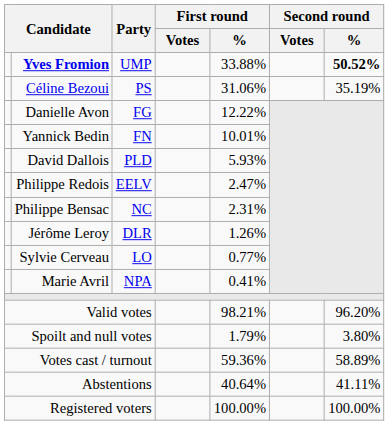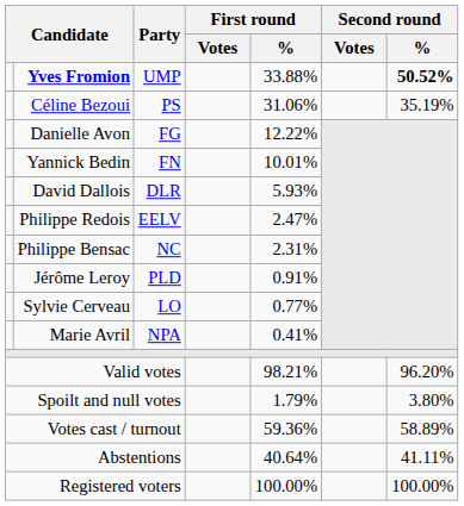 <table class="wikitable" style="text-align:right;font-size:95%;">
 <tr>
 <th rowspan=2 colspan=2>Candidate</th>
 <th rowspan=2 colspan=1>Party</th>
 <th colspan=2>First round</th>
 <th colspan=2>Second round</th>
 </tr>
 <tr>
 <th style="width:50px;">Votes</th>
 <th style="width:55px;">%</th>
 <th style="width:50px;">Votes</th>
 <th style="width:55px;">%</th>
 </tr>
 <tr>
 <td style="color:inherit;background-color:"></td>
 <td><strong><a href='#'>Yves Fromion</a></strong></td>
 <td><a href='#'>UMP</a></td>
 <td></td>
 <td>33.88%</td>
 <td><strong></strong></td>
 <td><strong>50.52%</strong></td>
 </tr>
 <tr>
 <td style="color:inherit;background-color:"></td>
 <td><a href='#'>Céline Bezoui</a></td>
 <td><a href='#'>PS</a></td>
 <td></td>
 <td>31.06%</td>
 <td></td>
 <td>35.19%</td>
 </tr>
 <tr>
 <td style="color:inherit;background-color:"></td>
 <td>Danielle Avon</td>
 <td><a href='#'>FG</a></td>
 <td></td>
 <td>12.22%</td>
 <td colspan=7 rowspan=8 style="background-color:#E9E9E9;"></td>
 </tr>
 <tr>
 <td style="color:inherit;background-color:"></td>
 <td>Yannick Bedin</td>
 <td><a href='#'>FN</a></td>
 <td></td>
 <td>10.01%</td>
 </tr>
 <tr>
 <td style="color:inherit;background-color:"></td>
 <td>David Dallois</td>
-<td><a href='#'>PLD</a></td>
+<td><a href='#'>DLR</a></td>
 <td></td>
 <td>5.93%</td>
 </tr>
 <tr>
 <td style="color:inherit;background-color:"></td>
 <td>Philippe Redois</td>
 <td><a href='#'>EELV</a></td>
 <td></td>
 <td>2.47%</td>
 </tr>
 <tr>
 <td style="color:inherit;background-color:"></td>
 <td>Philippe Bensac</td>
 <td><a href='#'>NC</a></td>
 <td></td>
 <td>2.31%</td>
 </tr>
 <tr>
 <td style="color:inherit;background-color:"></td>
 <td>Jérôme Leroy</td>
-<td><a href='#'>DLR</a></td>
+<td><a href='#'>PLD</a></td>
 <td></td>
-<td>1.26%</td>
+<td>0.91%</td>
 </tr>
 <tr>
 <td style="color:inherit;background-color:"></td>
 <td>Sylvie Cerveau</td>
 <td><a href='#'>LO</a></td>
 <td></td>
 <td>0.77%</td>
 </tr>
 <tr>
 <td style="color:inherit;background-color:"></td>
 <td>Marie Avril</td>
 <td><a href='#'>NPA</a></td>
 <td></td>
 <td>0.41%</td>
 </tr>
 <tr>
 <td colspan=7 style="background-color:#E9E9E9;"></td>
 </tr>
 <tr>
 <td colspan=3>Valid votes</td>
 <td></td>
 <td>98.21%</td>
 <td></td>
 <td>96.20%</td>
 </tr>
 <tr>
 <td colspan=3>Spoilt and null votes</td>
 <td></td>
 <td>1.79%</td>
 <td></td>
 <td>3.80%</td>
 </tr>
 <tr>
 <td colspan=3>Votes cast / turnout</td>
 <td></td>
 <td>59.36%</td>
 <td></td>
 <td>58.89%</td>
 </tr>
 <tr>
 <td colspan=3>Abstentions</td>
 <td></td>
 <td>40.64%</td>
 <td></td>
 <td>41.11%</td>
 </tr>
 <tr>
 <td colspan=3>Registered voters</td>
 <td></td>
 <td>100.00%</td>
 <td></td>
 <td>100.00%</td>
 </tr>
 </table>
